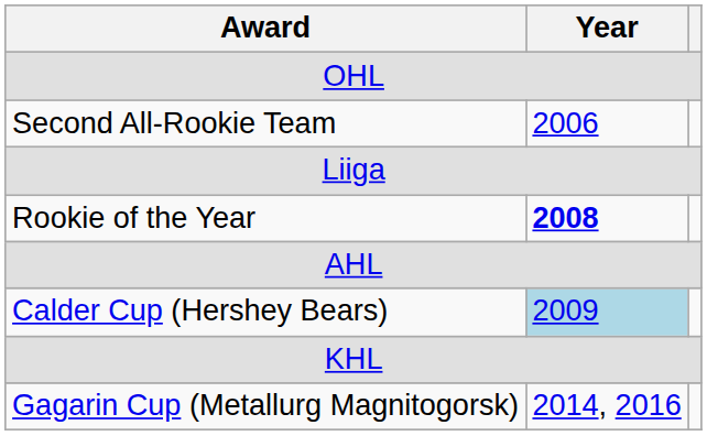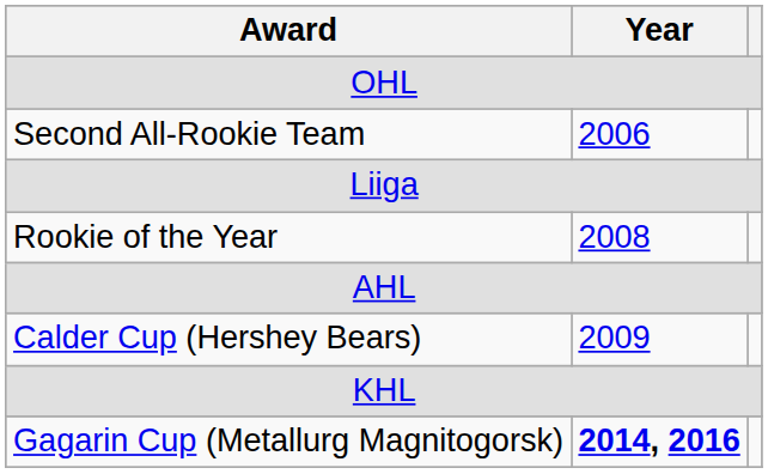 <table class="wikitable">
 <tr>
 <th>Award</th>
 <th>Year</th>
 <th></th>
 </tr>
 <tr ALIGN="center" bgcolor="#e0e0e0">
 <td colspan="3"><a href='#'>OHL</a></td>
 </tr>
 <tr>
 <td>Second All-Rookie Team</td>
 <td><a href='#'>2006</a></td>
 <td></td>
 </tr>
 <tr ALIGN="center" bgcolor="#e0e0e0">
 <td colspan="3"><a href='#'>Liiga</a></td>
 </tr>
 <tr>
 <td>Rookie of the Year</td>
-<td><strong><a href='#'>2008</a></strong></td>
+<td><a href='#'>2008</a></td>
 <td></td>
 </tr>
 <tr ALIGN="center" bgcolor="#e0e0e0">
 <td colspan="3"><a href='#'>AHL</a></td>
 </tr>
 <tr>
 <td><a href='#'>Calder Cup</a> (Hershey Bears)</td>
-<td style="background: lightblue;"><a href='#'>2009</a></td>
+<td><a href='#'>2009</a></td>
 <td></td>
 </tr>
 <tr ALIGN="center" bgcolor="#e0e0e0">
 <td colspan="3"><a href='#'>KHL</a></td>
 </tr>
 <tr>
 <td><a href='#'>Gagarin Cup</a> (Metallurg Magnitogorsk)</td>
-<td><a href='#'>2014</a>, <a href='#'>2016</a></td>
+<td><strong><a href='#'>2014</a>, <a href='#'>2016</a></strong></td>
 <td></td>
 </tr>
 </table>
